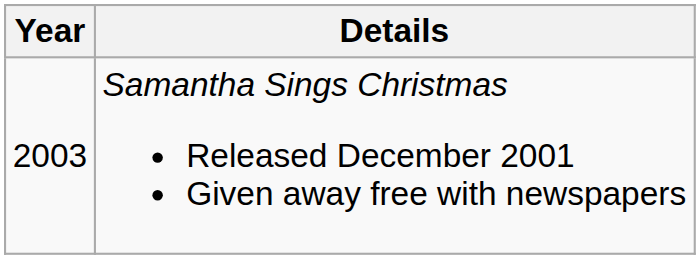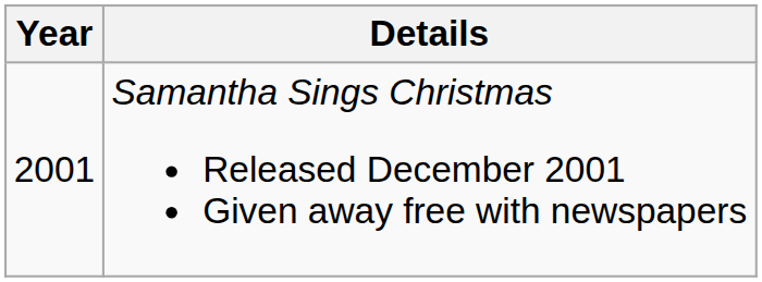 <table class="wikitable">
 <tr>
 <th>Year</th>
 <th>Details</th>
 </tr>
 <tr>
-<td>2003</td>
+<td>2001</td>
 <td><em>Samantha Sings Christmas</em><br><ul><li>Released December 2001</li><li>Given away free with newspapers</li></ul></td>
 </tr>
 </table>
